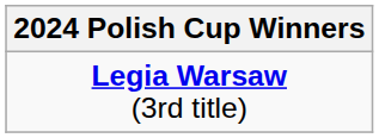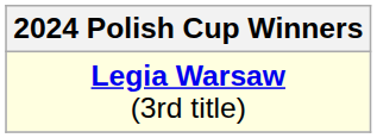 <table class=wikitable style="text-align:center; margin:auto">
 <tr>
 <th>2024 Polish Cup Winners</th>
 </tr>
 <tr>
-<td><strong><a href='#'>Legia Warsaw</a></strong><br>(3rd title)</td>
+<td style="background: lightyellow;"><strong><a href='#'>Legia Warsaw</a></strong><br>(3rd title)</td>
 </tr>
 </table>
